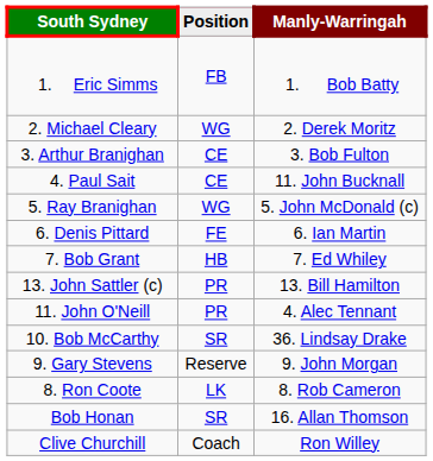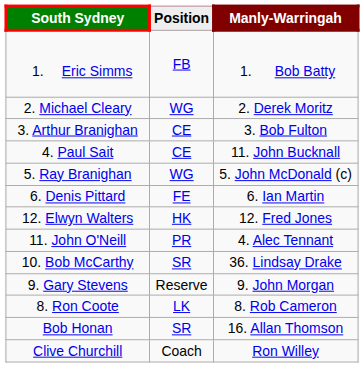 <table class="wikitable" style="float:right; font-size:90%; margin-left:1em;">
 <tr style="background:#f03;">
 <th style="width:140px; border:3px solid red; background: green; color: white">South Sydney</th>
 <th style="width:40px; text-align:center; background:#eee; color:black;">Position</th>
 <th style="width:140px; border:3px solid maroon; background: maroon; color: white">Manly-Warringah</th>
 </tr>
 <tr align=center>
 <td><br><ol><li><a href='#'>Eric Simms</a></li></ol></td>
 <td><a href='#'>FB</a></td>
 <td><br><ol><li><a href='#'>Bob Batty</a></li></ol></td>
 </tr>
 <tr align=center>
 <td>2. <a href='#'>Michael Cleary</a></td>
 <td><a href='#'>WG</a></td>
 <td>2. <a href='#'>Derek Moritz</a></td>
 </tr>
 <tr align=center>
 <td>3. <a href='#'>Arthur Branighan</a></td>
 <td><a href='#'>CE</a></td>
 <td>3. <a href='#'>Bob Fulton</a></td>
 </tr>
 <tr align=center>
 <td>4. <a href='#'>Paul Sait</a></td>
 <td><a href='#'>CE</a></td>
 <td>11. <a href='#'>John Bucknall</a></td>
 </tr>
 <tr align=center>
 <td>5. <a href='#'>Ray Branighan</a></td>
 <td><a href='#'>WG</a></td>
 <td>5. <a href='#'>John McDonald</a> (c)</td>
 </tr>
 <tr align=center>
 <td>6. <a href='#'>Denis Pittard</a></td>
 <td><a href='#'>FE</a></td>
 <td>6. <a href='#'>Ian Martin</a></td>
 </tr>
 <tr align=center>
-<td>7. <a href='#'>Bob Grant</a></td>
-<td><a href='#'>HB</a></td>
-<td>7. <a href='#'>Ed Whiley</a></td>
-</tr>
-<tr align=center>
-<td>13. <a href='#'>John Sattler</a> (c)</td>
-<td><a href='#'>PR</a></td>
-<td>13. <a href='#'>Bill Hamilton</a></td>
+<td>12. <a href='#'>Elwyn Walters</a></td>
+<td><a href='#'>HK</a></td>
+<td>12. <a href='#'>Fred Jones</a></td>
 </tr>
 <tr align=center>
 <td>11. <a href='#'>John O'Neill</a></td>
 <td><a href='#'>PR</a></td>
 <td>4. <a href='#'>Alec Tennant</a></td>
 </tr>
 <tr align=center>
 <td>10. <a href='#'>Bob McCarthy</a></td>
 <td><a href='#'>SR</a></td>
 <td>36. <a href='#'>Lindsay Drake</a></td>
 </tr>
 <tr align=center>
 <td>9. <a href='#'>Gary Stevens</a></td>
 <td>Reserve</td>
 <td>9. <a href='#'>John Morgan</a></td>
 </tr>
 <tr align=center>
 <td>8. <a href='#'>Ron Coote</a></td>
 <td><a href='#'>LK</a></td>
 <td>8. <a href='#'>Rob Cameron</a></td>
 </tr>
 <tr align=center>
 <td><a href='#'>Bob Honan</a></td>
 <td><a href='#'>SR</a></td>
 <td>16. <a href='#'>Allan Thomson</a></td>
 </tr>
 <tr align=center>
 <td><a href='#'>Clive Churchill</a></td>
 <td>Coach</td>
 <td><a href='#'>Ron Willey</a></td>
 </tr>
 </table>
